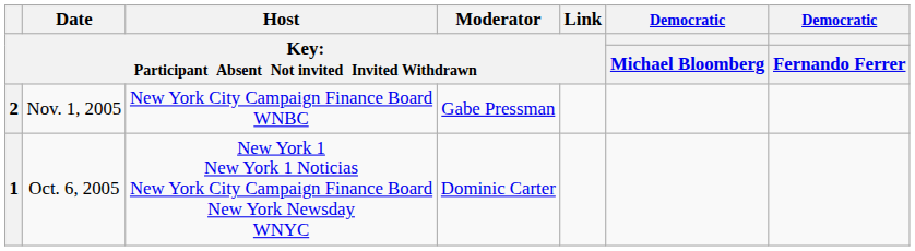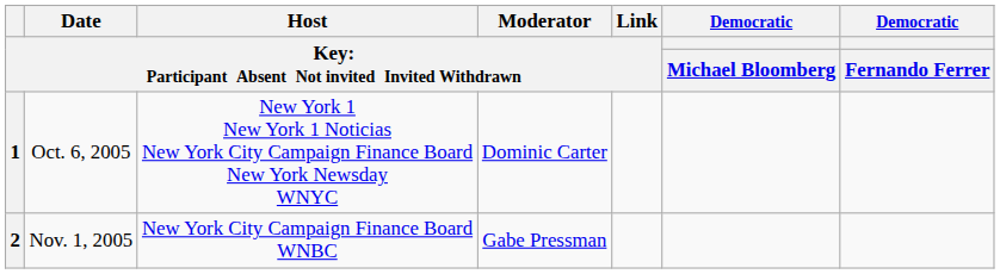 <table class="wikitable" style="text-align:center;">
 <tr>
 <th scope="col"></th>
 <th scope="col">Date</th>
 <th scope="col">Host</th>
 <th scope="col">Moderator</th>
 <th scope="col">Link</th>
 <th scope="col"><small><a href='#'>Democratic</a></small></th>
 <th scope="col"><small><a href='#'>Democratic</a></small></th>
 </tr>
 <tr>
 <th colspan="5" rowspan="2">Key:<br> <small>Participant </small>  <small>Absent </small>  <small>Not invited </small>  <small>Invited  Withdrawn</small></th>
 <th scope="col" style="background:"></th>
 <th scope="col" style="background:"></th>
 </tr>
 <tr>
 <th scope="col"><a href='#'>Michael Bloomberg</a></th>
 <th scope="col"><a href='#'>Fernando Ferrer</a></th>
 </tr>
 <tr>
+<th>1</th>
+<td style="white-space:nowrap;">Oct. 6, 2005</td>
+<td style="white-space:nowrap;"><a href='#'>New York 1</a><br><a href='#'>New York 1 Noticias</a><br><a href='#'>New York City Campaign Finance Board</a><br><a href='#'>New York Newsday</a><br><a href='#'>WNYC</a></td>
+<td style="white-space:nowrap;"><a href='#'>Dominic Carter</a></td>
+<td style="white-space:nowrap;"></td>
+<td></td>
+<td></td>
+</tr>
+<tr>
 <th>2</th>
 <td style="white-space:nowrap;">Nov. 1, 2005</td>
 <td style="white-space:nowrap;"><a href='#'>New York City Campaign Finance Board</a><br><a href='#'>WNBC</a></td>
 <td style="white-space:nowrap;"><a href='#'>Gabe Pressman</a></td>
 <td style="white-space:nowrap;"></td>
 <td></td>
 <td></td>
 </tr>
-<tr>
-<th>1</th>
-<td style="white-space:nowrap;">Oct. 6, 2005</td>
-<td style="white-space:nowrap;"><a href='#'>New York 1</a><br><a href='#'>New York 1 Noticias</a><br><a href='#'>New York City Campaign Finance Board</a><br><a href='#'>New York Newsday</a><br><a href='#'>WNYC</a></td>
-<td style="white-space:nowrap;"><a href='#'>Dominic Carter</a></td>
-<td style="white-space:nowrap;"></td>
-<td></td>
-<td></td>
-</tr>
 </table>
